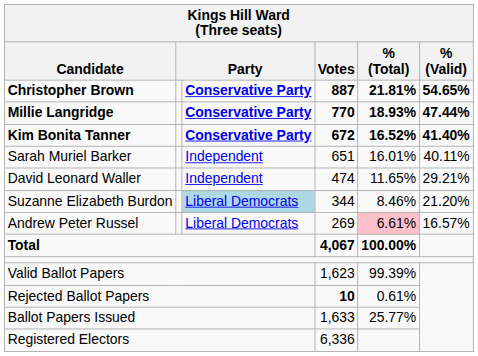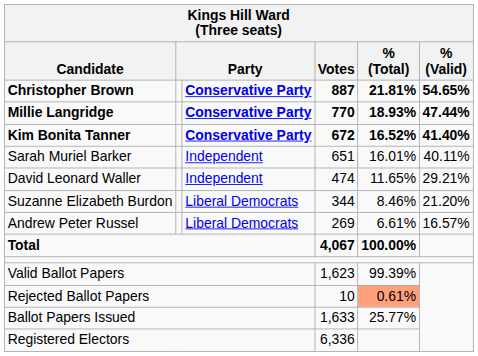 <table class="wikitable" border="1" style="text-align:right; font-size:100%">
 <tr>
 <th align=center colspan=6>Kings Hill Ward<br>(Three seats)</th>
 </tr>
 <tr>
 <th valign=bottom>Candidate</th>
 <th valign=bottom colspan=2>Party</th>
 <th valign=bottom>Votes</th>
 <th>%<br>(Total)</th>
 <th>%<br>(Valid)</th>
 </tr>
 <tr>
 <td align=left><strong>Christopher Brown</strong></td>
 <td style="background:"></td>
 <td align=left><strong><a href='#'>Conservative Party</a></strong></td>
 <td><strong>887</strong></td>
 <td><strong>21.81%</strong></td>
 <td><strong>54.65%</strong></td>
 </tr>
 <tr>
 <td align=left><strong>Millie Langridge</strong></td>
 <td style="background:"></td>
 <td align=left><strong><a href='#'>Conservative Party</a></strong></td>
 <td><strong>770</strong></td>
 <td><strong>18.93%</strong></td>
 <td><strong>47.44%</strong></td>
 </tr>
 <tr>
 <td align=left><strong>Kim Bonita Tanner</strong></td>
 <td style="background:"></td>
 <td align=left><strong><a href='#'>Conservative Party</a></strong></td>
 <td><strong>672</strong></td>
 <td><strong>16.52%</strong></td>
 <td><strong>41.40%</strong></td>
 </tr>
 <tr>
 <td align=left>Sarah Muriel Barker</td>
 <td style="background:"></td>
 <td align=left><a href='#'>Independent</a></td>
 <td>651</td>
 <td>16.01%</td>
 <td>40.11%</td>
 </tr>
 <tr>
 <td align=left>David Leonard Waller</td>
 <td style="background:"></td>
 <td align=left><a href='#'>Independent</a></td>
 <td>474</td>
 <td>11.65%</td>
 <td>29.21%</td>
 </tr>
 <tr>
 <td align=left>Suzanne Elizabeth Burdon</td>
 <td style="background:"></td>
-<td align=left style="background: lightblue;"><a href='#'>Liberal Democrats</a></td>
+<td align=left><a href='#'>Liberal Democrats</a></td>
 <td>344</td>
 <td>8.46%</td>
 <td>21.20%</td>
 </tr>
 <tr>
 <td align=left>Andrew Peter Russel</td>
 <td style="background:"></td>
 <td align=left><a href='#'>Liberal Democrats</a></td>
 <td>269</td>
-<td style="background: pink;">6.61%</td>
+<td>6.61%</td>
 <td>16.57%</td>
 </tr>
 <tr style="font-weight:bold">
 <td align=left colspan=3>Total</td>
 <td>4,067</td>
 <td>100.00%</td>
 <td></td>
 </tr>
 <tr>
 <td align=left colspan=6></td>
 </tr>
 <tr>
 <td align=left colspan=3>Valid Ballot Papers</td>
 <td>1,623</td>
 <td>99.39%</td>
 <td rowspan=4></td>
 </tr>
 <tr>
 <td align=left colspan=3>Rejected Ballot Papers</td>
-<td><strong>10</strong></td>
-<td>0.61%</td>
+<td>10</td>
+<td style="background: lightsalmon;">0.61%</td>
 </tr>
 <tr>
 <td align=left colspan=3>Ballot Papers Issued</td>
 <td>1,633</td>
 <td>25.77%</td>
 </tr>
 <tr>
 <td align=left colspan=3>Registered Electors</td>
 <td>6,336</td>
 <td></td>
 </tr>
 </table>
